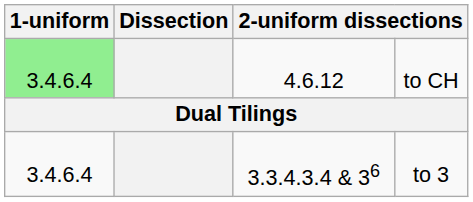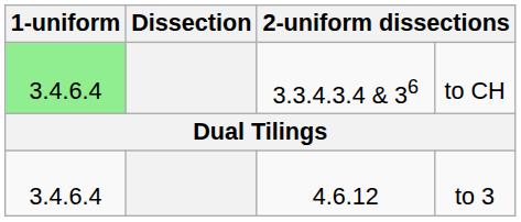 <table class=wikitable>
 <tr>
 <th>1-uniform</th>
 <th>Dissection</th>
 <th colspan=2>2-uniform dissections</th>
 </tr>
 <tr align=center>
 <td style="background: lightgreen;"><br>3.4.6.4</td>
 <th><br></th>
-<td><br>4.6.12</td>
+<td><br>3.3.4.3.4 & 3<sup>6</sup></td>
 <td><br>to CH</td>
 </tr>
 <tr>
 <th colspan=4>Dual Tilings</th>
 </tr>
 <tr align = center>
 <td><br>3.4.6.4</td>
 <th><br></th>
-<td><br>3.3.4.3.4 & 3<sup>6</sup></td>
+<td><br>4.6.12</td>
 <td><br>to 3</td>
 </tr>
 </table>
